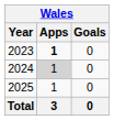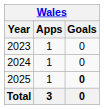 <table class="wikitable" style="text-align:center">
 <tr>
 <th colspan=4><a href='#'>Wales</a></th>
 </tr>
 <tr>
 <th>Year</th>
 <th>Apps</th>
 <th>Goals</th>
 </tr>
 <tr>
 <td>2023</td>
-<td><strong>1</strong></td>
+<td>1</td>
 <td>0</td>
 </tr>
 <tr>
 <td>2024</td>
-<td style="background: lightgrey;">1</td>
+<td>1</td>
 <td>0</td>
 </tr>
 <tr>
 <td>2025</td>
 <td>1</td>
-<td>0</td>
+<td><strong>0</strong></td>
 </tr>
 <tr>
 <th>Total</th>
 <th>3</th>
 <th>0</th>
 </tr>
 </table>
